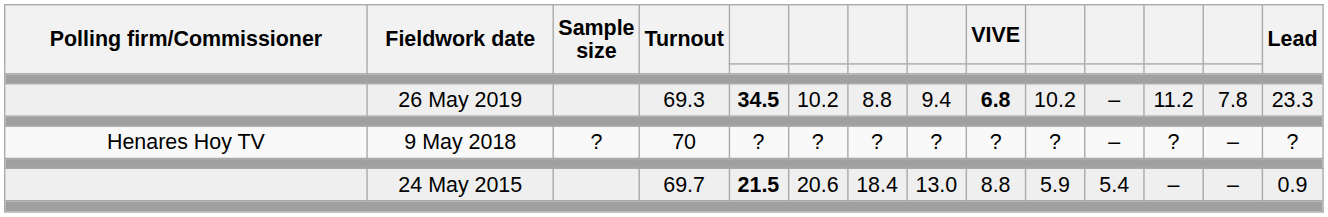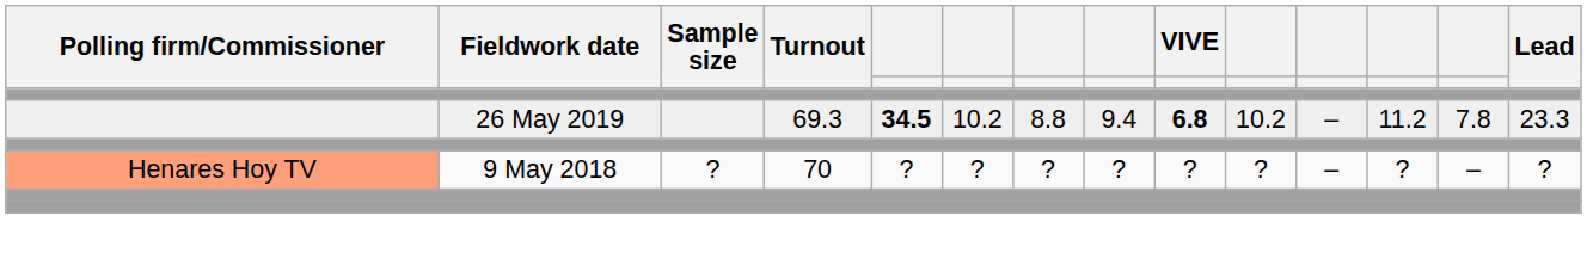 <table class="wikitable collapsible collapsed" style="text-align:center; font-size:95%; line-height:16px;">
 <tr style="height:42px;">
 <th style="width:250px;" rowspan="2">Polling firm/Commissioner</th>
 <th style="width:125px;" rowspan="2">Fieldwork date</th>
 <th style="width:50px;" rowspan="2">Sample size</th>
 <th style="width:45px;" rowspan="2">Turnout</th>
 <th style="width:35px;"></th>
 <th style="width:35px;"></th>
 <th style="width:35px;"></th>
 <th style="width:35px;"></th>
 <th style="width:35px;">VIVE</th>
 <th style="width:35px;"></th>
 <th style="width:35px;"></th>
 <th style="width:35px;"></th>
 <th style="width:35px;"></th>
 <th style="width:30px;" rowspan="2">Lead</th>
 </tr>
 <tr>
 <th style="color:inherit;background:"></th>
 <th style="color:inherit;background:"></th>
 <th style="color:inherit;background:"></th>
 <th style="color:inherit;background:"></th>
 <th style="color:inherit;background:"></th>
 <th style="color:inherit;background:"></th>
 <th style="color:inherit;background:"></th>
 <th style="color:inherit;background:"></th>
 <th style="color:inherit;background:"></th>
 </tr>
 <tr>
 <td colspan="14" style="background:#A0A0A0"></td>
 </tr>
 <tr style="background:#EFEFEF;">
 <td><strong></strong></td>
 <td>26 May 2019</td>
 <td></td>
 <td>69.3</td>
 <td><strong>34.5</strong><br></td>
 <td>10.2<br></td>
 <td>8.8<br></td>
 <td>9.4<br></td>
 <td><strong>6.8<br></strong></td>
 <td>10.2<br></td>
 <td>–</td>
 <td>11.2<br></td>
 <td>7.8<br></td>
 <td style="background:">23.3</td>
 </tr>
 <tr>
 <td colspan="14" style="background:#A0A0A0"></td>
 </tr>
 <tr>
-<td>Henares Hoy TV</td>
+<td style="background: lightsalmon;">Henares Hoy TV</td>
 <td>9 May 2018</td>
 <td>?</td>
 <td>70</td>
 <td>?<br></td>
 <td>?<br></td>
 <td>?<br></td>
 <td>?<br></td>
 <td>?<br></td>
 <td>?<br></td>
 <td>–</td>
 <td>?<br></td>
 <td>–</td>
 <td style="background:">?</td>
 </tr>
 <tr>
 <td colspan="14" style="background:#A0A0A0"></td>
 </tr>
-<tr style="background:#EFEFEF;">
-<td><strong></strong></td>
-<td>24 May 2015</td>
-<td></td>
-<td>69.7</td>
-<td><strong>21.5</strong><br></td>
-<td>20.6<br></td>
-<td>18.4<br></td>
-<td>13.0<br></td>
-<td>8.8<br></td>
-<td>5.9<br></td>
-<td>5.4<br></td>
-<td>–</td>
-<td>–</td>
-<td style="background:">0.9</td>
-</tr>
 <tr>
 <td colspan="14" style="background:#A0A0A0"></td>
 </tr>
 </table>
